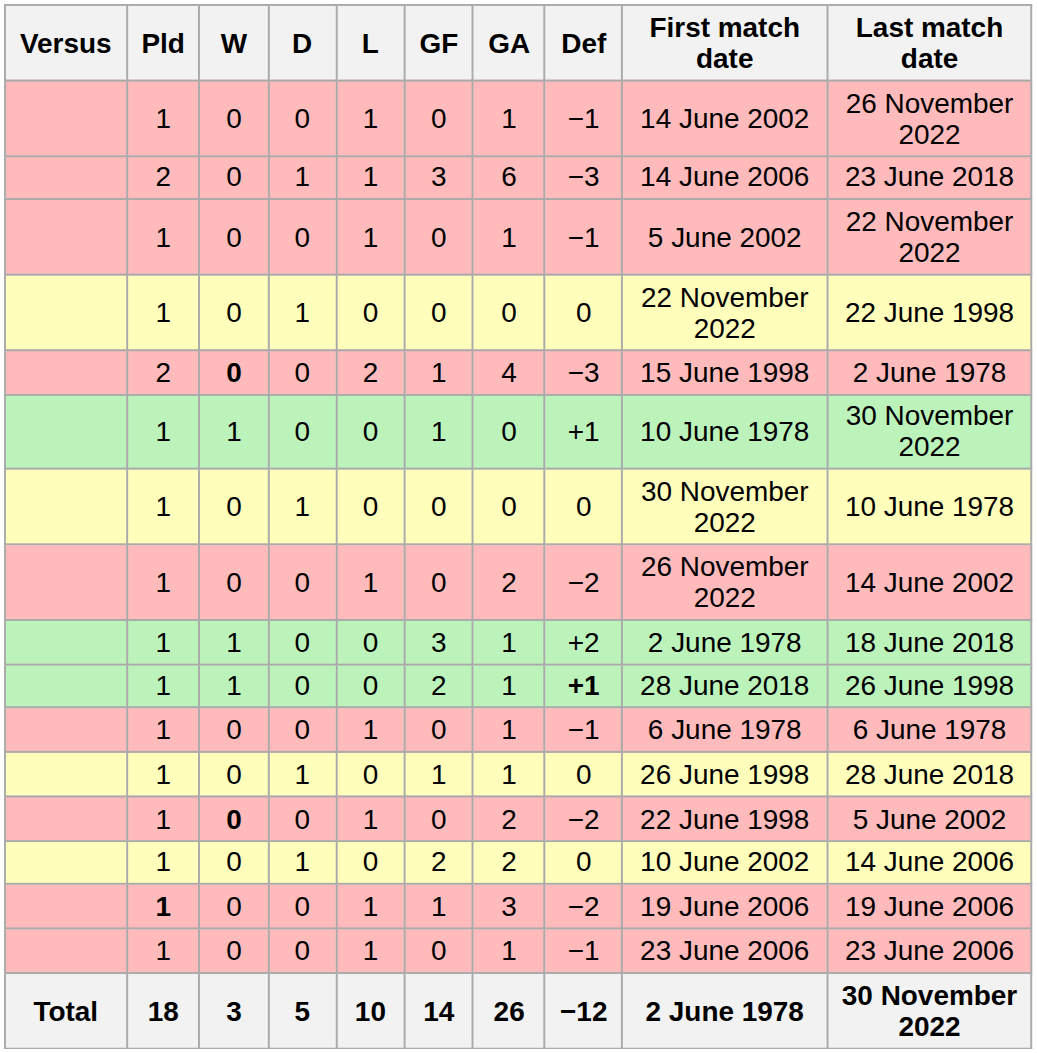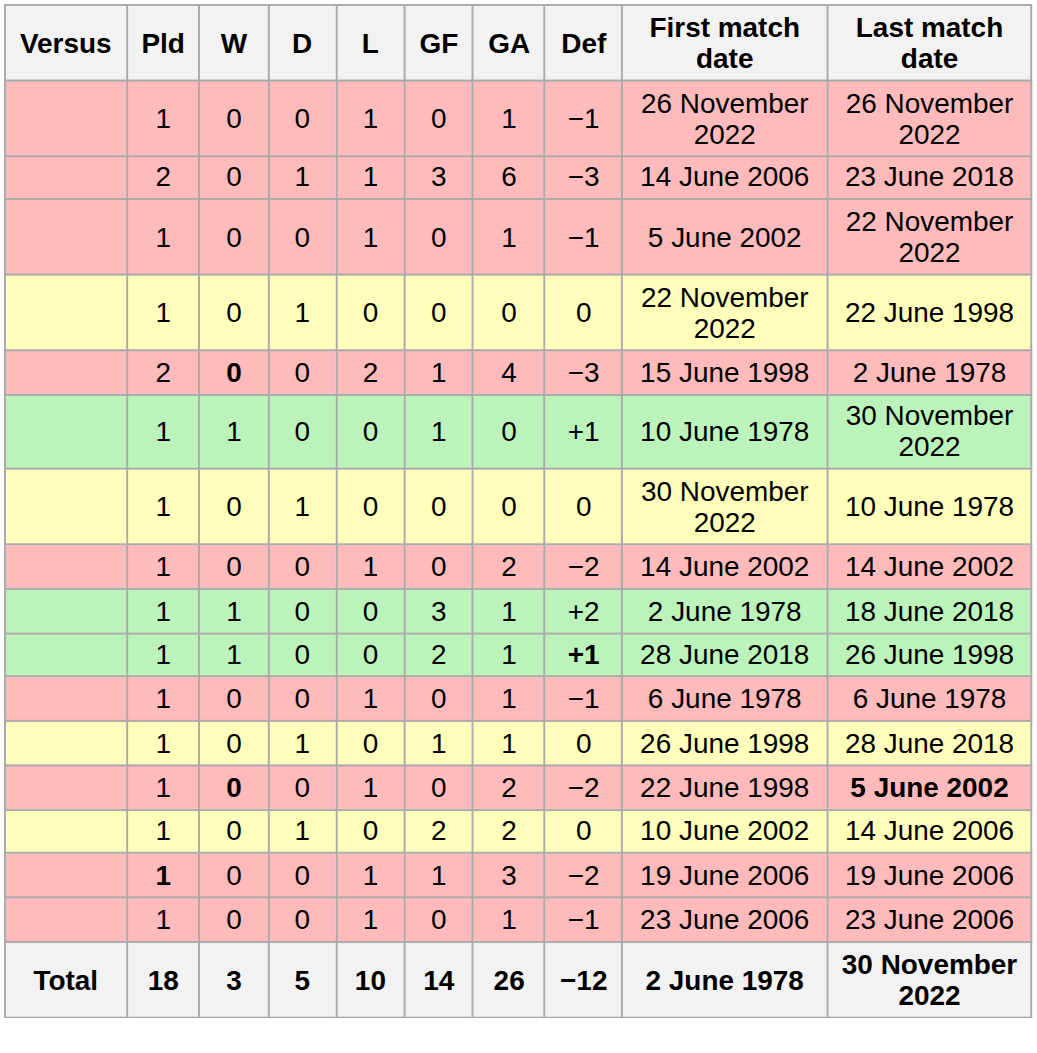 <table class="wikitable collapsed" style="font-size:90%; text-align:center;" width="60%">
 <tr>
 <th width="5%">Versus</th>
 <th width="5%">Pld</th>
 <th width="5%">W</th>
 <th width="5%">D</th>
 <th width="5%">L</th>
 <th width="5%">GF</th>
 <th width="5%">GA</th>
 <th width="5%">Def</th>
 <th width="15%">First match date</th>
 <th width="15%">Last match date</th>
 </tr>
 <tr bgcolor="#ffbbbb">
 <td align="left"></td>
 <td>1</td>
 <td>0</td>
 <td>0</td>
 <td>1</td>
 <td>0</td>
 <td>1</td>
 <td>−1</td>
-<td>14 June 2002</td>
+<td>26 November 2022</td>
 <td>26 November 2022</td>
 </tr>
 <tr bgcolor="#ffbbbb">
 <td align="left"></td>
 <td>2</td>
 <td>0</td>
 <td>1</td>
 <td>1</td>
 <td>3</td>
 <td>6</td>
 <td>−3</td>
 <td>14 June 2006</td>
 <td>23 June 2018</td>
 </tr>
 <tr bgcolor="#ffbbbb">
 <td align="left"></td>
 <td>1</td>
 <td>0</td>
 <td>0</td>
 <td>1</td>
 <td>0</td>
 <td>1</td>
 <td>−1</td>
 <td>5 June 2002</td>
 <td>22 November 2022</td>
 </tr>
 <tr bgcolor="#ffffbb">
 <td align="left"></td>
 <td>1</td>
 <td>0</td>
 <td>1</td>
 <td>0</td>
 <td>0</td>
 <td>0</td>
 <td>0</td>
 <td>22 November 2022</td>
 <td>22 June 1998</td>
 </tr>
 <tr bgcolor="#ffbbbb">
 <td align="left"></td>
 <td>2</td>
 <td><strong>0</strong></td>
 <td>0</td>
 <td>2</td>
 <td>1</td>
 <td>4</td>
 <td>−3</td>
 <td>15 June 1998</td>
 <td>2 June 1978</td>
 </tr>
 <tr bgcolor="#bbf3bb">
 <td align="left"></td>
 <td>1</td>
 <td>1</td>
 <td>0</td>
 <td>0</td>
 <td>1</td>
 <td>0</td>
 <td>+1</td>
 <td>10 June 1978</td>
 <td>30 November 2022</td>
 </tr>
 <tr bgcolor="#ffffbb">
 <td align="left"></td>
 <td>1</td>
 <td>0</td>
 <td>1</td>
 <td>0</td>
 <td>0</td>
 <td>0</td>
 <td>0</td>
 <td>30 November 2022</td>
 <td>10 June 1978</td>
 </tr>
 <tr bgcolor="#ffbbbb">
 <td align="left"></td>
 <td>1</td>
 <td>0</td>
 <td>0</td>
 <td>1</td>
 <td>0</td>
 <td>2</td>
 <td>−2</td>
-<td>26 November 2022</td>
+<td>14 June 2002</td>
 <td>14 June 2002</td>
 </tr>
 <tr bgcolor="#bbf3bb">
 <td align="left"></td>
 <td>1</td>
 <td>1</td>
 <td>0</td>
 <td>0</td>
 <td>3</td>
 <td>1</td>
 <td>+2</td>
 <td>2 June 1978</td>
 <td>18 June 2018</td>
 </tr>
 <tr bgcolor="#bbf3bb">
 <td align="left"></td>
 <td>1</td>
 <td>1</td>
 <td>0</td>
 <td>0</td>
 <td>2</td>
 <td>1</td>
 <td><strong>+1</strong></td>
 <td>28 June 2018</td>
 <td>26 June 1998</td>
 </tr>
 <tr bgcolor="#ffbbbb">
 <td align="left"></td>
 <td>1</td>
 <td>0</td>
 <td>0</td>
 <td>1</td>
 <td>0</td>
 <td>1</td>
 <td>−1</td>
 <td>6 June 1978</td>
 <td>6 June 1978</td>
 </tr>
 <tr bgcolor="#ffffbb">
 <td align="left"></td>
 <td>1</td>
 <td>0</td>
 <td>1</td>
 <td>0</td>
 <td>1</td>
 <td>1</td>
 <td>0</td>
 <td>26 June 1998</td>
 <td>28 June 2018</td>
 </tr>
 <tr bgcolor="#ffbbbb">
 <td align="left"></td>
 <td>1</td>
 <td><strong>0</strong></td>
 <td>0</td>
 <td>1</td>
 <td>0</td>
 <td>2</td>
 <td>−2</td>
 <td>22 June 1998</td>
-<td>5 June 2002</td>
+<td><strong>5 June 2002</strong></td>
 </tr>
 <tr bgcolor="#ffffbb">
 <td align="left"></td>
 <td>1</td>
 <td>0</td>
 <td>1</td>
 <td>0</td>
 <td>2</td>
 <td>2</td>
 <td>0</td>
 <td>10 June 2002</td>
 <td>14 June 2006</td>
 </tr>
 <tr bgcolor="#ffbbbb">
 <td align="left"></td>
 <td><strong>1</strong></td>
 <td>0</td>
 <td>0</td>
 <td>1</td>
 <td>1</td>
 <td>3</td>
 <td>−2</td>
 <td>19 June 2006</td>
 <td>19 June 2006</td>
 </tr>
 <tr bgcolor="#ffbbbb">
 <td align="left"></td>
 <td>1</td>
 <td>0</td>
 <td>0</td>
 <td>1</td>
 <td>0</td>
 <td>1</td>
 <td>−1</td>
 <td>23 June 2006</td>
 <td>23 June 2006</td>
 </tr>
 <tr>
 <th>Total</th>
 <th>18</th>
 <th>3</th>
 <th>5</th>
 <th>10</th>
 <th>14</th>
 <th>26</th>
 <th>−12</th>
 <th>2 June 1978</th>
 <th>30 November 2022</th>
 </tr>
 </table>
